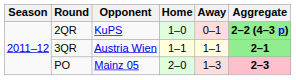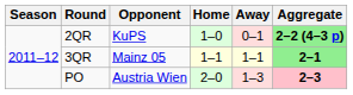 <table class="wikitable">
 <tr>
 <th>Season</th>
 <th>Round</th>
 <th>Opponent</th>
 <th>Home</th>
 <th>Away</th>
 <th>Aggregate</th>
 </tr>
 <tr>
 <td rowspan=3><a href='#'>2011–12</a></td>
 <td>2QR</td>
 <td> <a href='#'>KuPS</a></td>
 <td bgcolor="#ddffdd" style="text-align:center;">1–0</td>
 <td bgcolor="#ffdddd" style="text-align:center;">0–1</td>
 <td bgcolor=lightgreen style="text-align:center;"><strong>2–2 (4–3 <a href='#'>p</a>)</strong></td>
 </tr>
 <tr>
 <td>3QR</td>
-<td> <a href='#'>Austria Wien</a></td>
+<td> <a href='#'>Mainz 05</a></td>
 <td bgcolor="#ffffdd" style="text-align:center;">1–1 <small></small></td>
 <td bgcolor="#ffffdd" style="text-align:center;">1–1</td>
 <td bgcolor=lightgreen style="text-align:center;"><strong>2–1</strong></td>
 </tr>
 <tr>
 <td>PO</td>
-<td> <a href='#'>Mainz 05</a></td>
+<td> <a href='#'>Austria Wien</a></td>
 <td bgcolor="#ddffdd" style="text-align:center;">2–0</td>
 <td bgcolor="#ffdddd" style="text-align:center;">1–3</td>
 <td bgcolor=pink style="text-align:center;"><strong>2–3</strong></td>
 </tr>
 </table>
